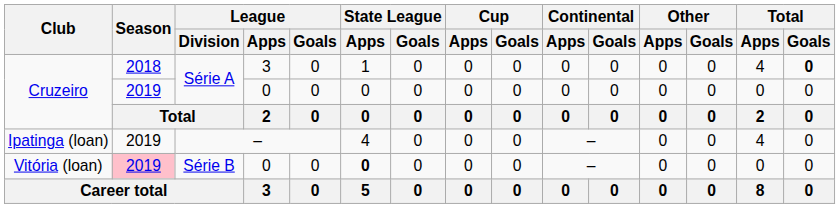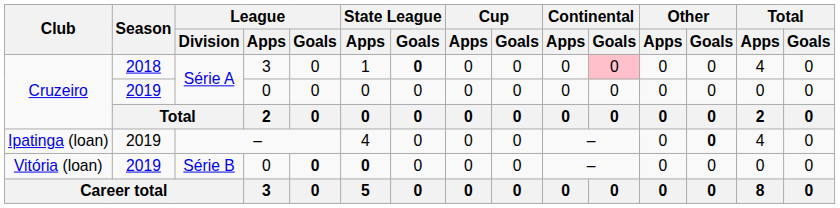 <table class="wikitable" style="text-align: center">
 <tr>
 <th rowspan="2">Club</th>
 <th rowspan="2">Season</th>
 <th colspan="3">League</th>
 <th colspan="2">State League</th>
 <th colspan="2">Cup</th>
 <th colspan="2">Continental</th>
 <th colspan="2">Other</th>
 <th colspan="2">Total</th>
 </tr>
 <tr>
 <th>Division</th>
 <th>Apps</th>
 <th>Goals</th>
 <th>Apps</th>
 <th>Goals</th>
 <th>Apps</th>
 <th>Goals</th>
 <th>Apps</th>
 <th>Goals</th>
 <th>Apps</th>
 <th>Goals</th>
 <th>Apps</th>
 <th>Goals</th>
 </tr>
 <tr>
 <td rowspan="3"><a href='#'>Cruzeiro</a></td>
 <td><a href='#'>2018</a></td>
 <td rowspan="2"><a href='#'>Série A</a></td>
 <td>3</td>
 <td>0</td>
 <td>1</td>
+<td><strong>0</strong></td>
 <td>0</td>
 <td>0</td>
 <td>0</td>
-<td>0</td>
-<td>0</td>
+<td style="background: pink;">0</td>
 <td>0</td>
 <td>0</td>
 <td>4</td>
-<td><strong>0</strong></td>
+<td>0</td>
 </tr>
 <tr>
 <td><a href='#'>2019</a></td>
 <td>0</td>
 <td>0</td>
 <td>0</td>
 <td>0</td>
 <td>0</td>
 <td>0</td>
 <td>0</td>
 <td>0</td>
 <td>0</td>
 <td>0</td>
 <td>0</td>
 <td>0</td>
 </tr>
 <tr>
 <th colspan="2"><strong>Total</strong></th>
 <th>2</th>
 <th>0</th>
 <th>0</th>
 <th>0</th>
 <th>0</th>
 <th>0</th>
 <th>0</th>
 <th>0</th>
 <th>0</th>
 <th>0</th>
 <th>2</th>
 <th>0</th>
 </tr>
 <tr>
 <td><a href='#'>Ipatinga</a> (loan)</td>
 <td>2019</td>
 <td colspan="3">–</td>
 <td>4</td>
 <td>0</td>
 <td>0</td>
 <td>0</td>
 <td colspan="2">–</td>
 <td>0</td>
-<td>0</td>
+<td><strong>0</strong></td>
 <td>4</td>
 <td>0</td>
 </tr>
 <tr>
 <td><a href='#'>Vitória</a> (loan)</td>
-<td style="background: pink;"><a href='#'>2019</a></td>
+<td><a href='#'>2019</a></td>
 <td><a href='#'>Série B</a></td>
 <td>0</td>
-<td>0</td>
+<td><strong>0</strong></td>
 <td><strong>0</strong></td>
 <td>0</td>
 <td>0</td>
 <td>0</td>
 <td colspan="2">–</td>
 <td>0</td>
 <td>0</td>
 <td>0</td>
 <td>0</td>
 </tr>
 <tr>
 <th colspan="3"><strong>Career total</strong></th>
 <th>3</th>
 <th>0</th>
 <th>5</th>
 <th>0</th>
 <th>0</th>
 <th>0</th>
 <th>0</th>
 <th>0</th>
 <th>0</th>
 <th>0</th>
 <th>8</th>
 <th>0</th>
 </tr>
 </table>
